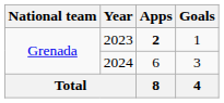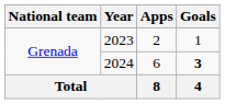 <table class=wikitable style=text-align:center>
 <tr>
 <th>National team</th>
 <th>Year</th>
 <th>Apps</th>
 <th>Goals</th>
 </tr>
 <tr>
 <td rowspan="2"><a href='#'>Grenada</a></td>
 <td>2023</td>
-<td><strong>2</strong></td>
+<td>2</td>
 <td>1</td>
 </tr>
 <tr>
 <td>2024</td>
 <td>6</td>
-<td>3</td>
+<td><strong>3</strong></td>
 </tr>
 <tr>
 <th colspan=2>Total</th>
 <th>8</th>
 <th>4</th>
 </tr>
 </table>
